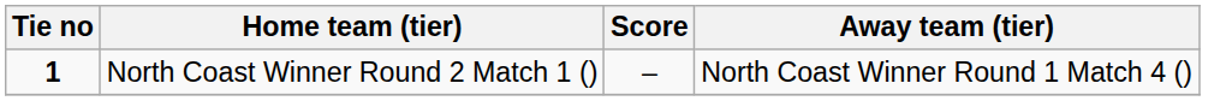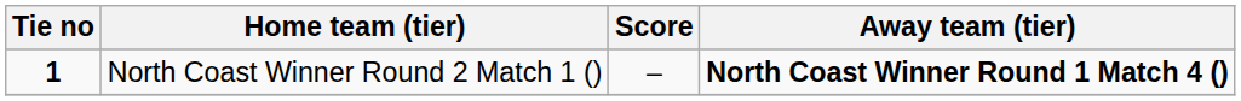 <table class="wikitable" style="text-align:center">
 <tr>
 <th>Tie no</th>
 <th>Home team (tier)</th>
 <th>Score</th>
 <th>Away team (tier)</th>
 </tr>
 <tr>
 <td><strong>1</strong></td>
 <td>North Coast Winner Round 2 Match 1 ()</td>
 <td>–</td>
-<td>North Coast Winner Round 1 Match 4 ()</td>
+<td><strong>North Coast Winner Round 1 Match 4 ()</strong></td>
 </tr>
 <tr>
 </tr>
 </table>
